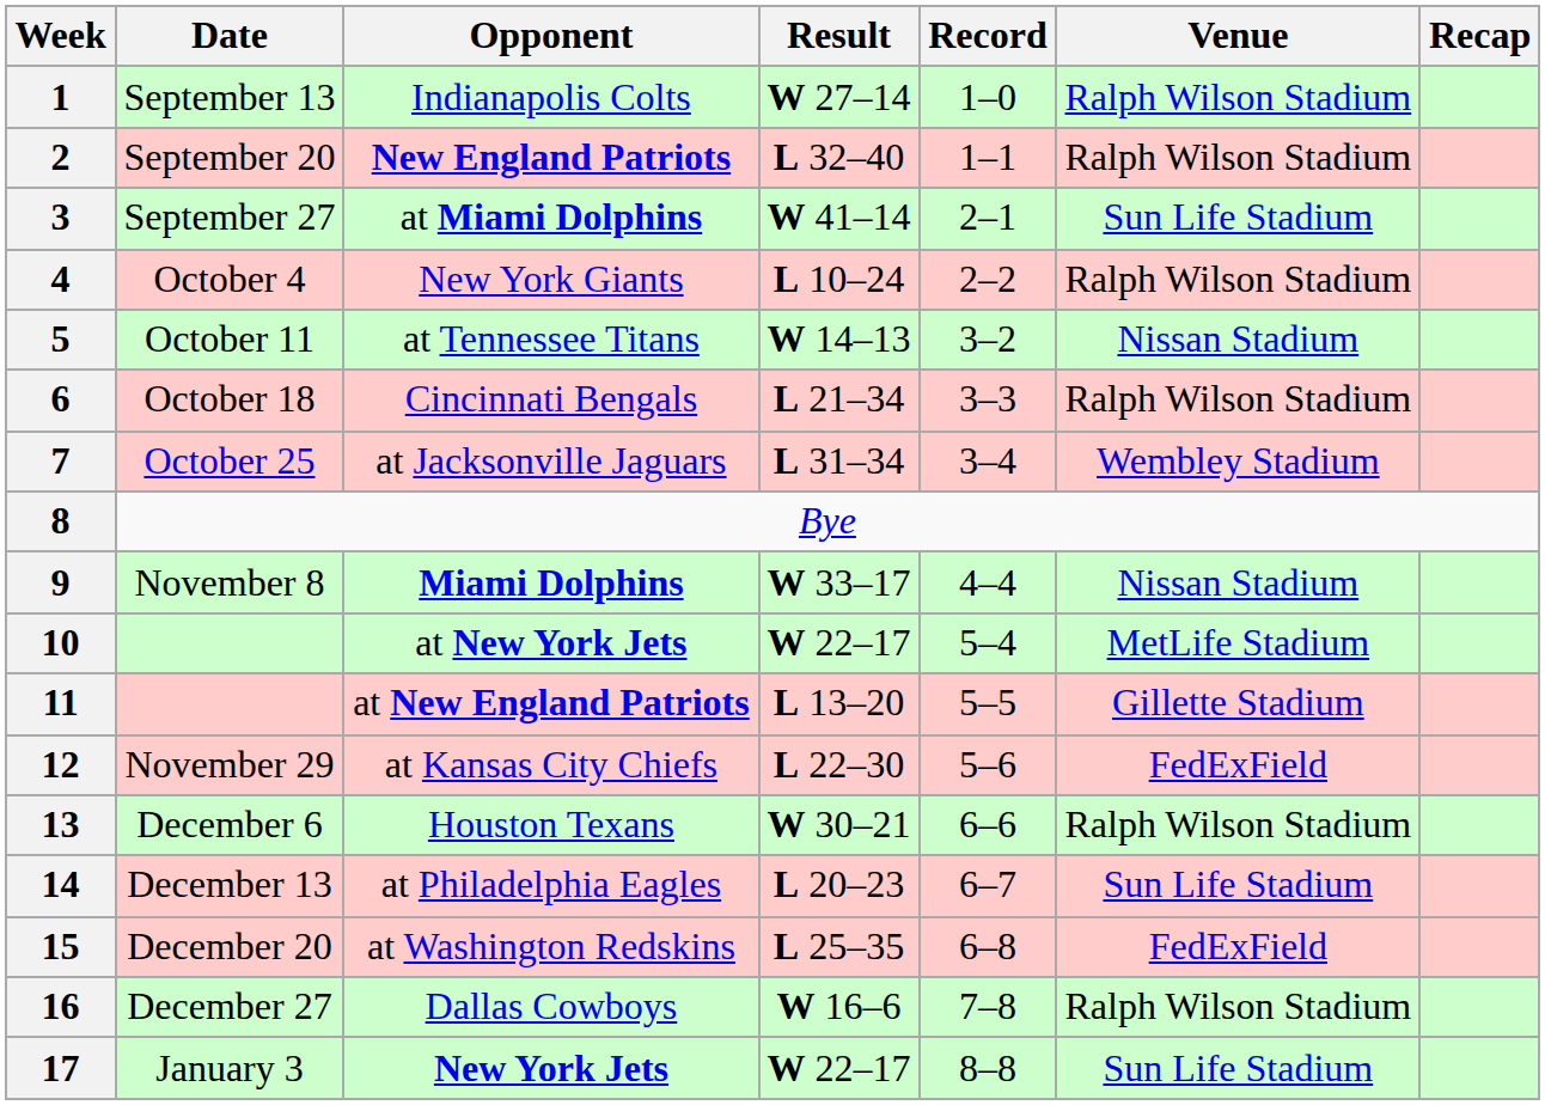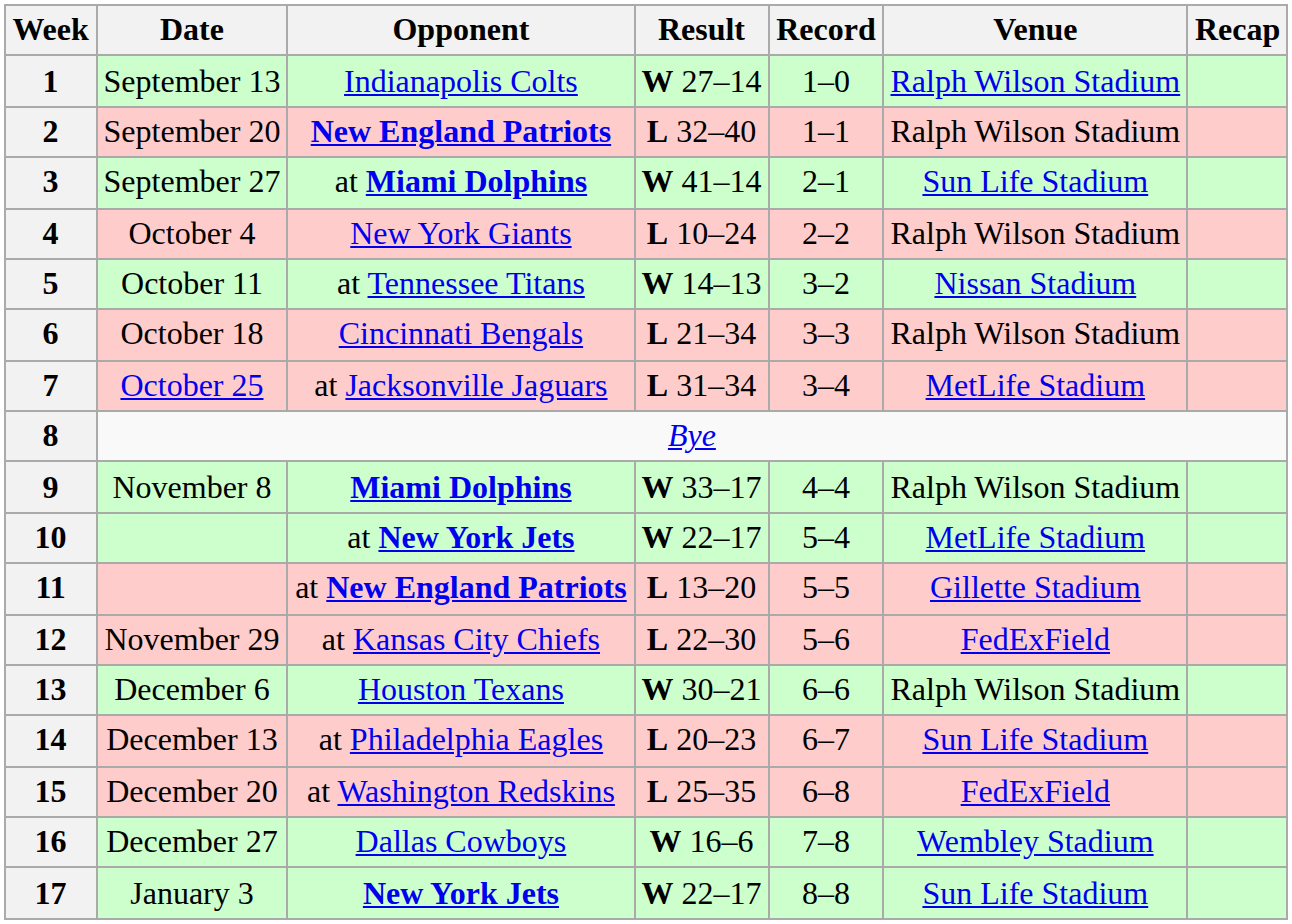 <table class="wikitable" style="text-align:center">
 <tr>
 <th>Week</th>
 <th>Date</th>
 <th>Opponent</th>
 <th>Result</th>
 <th>Record</th>
 <th>Venue</th>
 <th>Recap</th>
 </tr>
 <tr style="background:#cfc">
 <th>1</th>
 <td>September 13</td>
 <td><a href='#'>Indianapolis Colts</a></td>
 <td><strong>W</strong> 27–14</td>
 <td>1–0</td>
 <td><a href='#'>Ralph Wilson Stadium</a></td>
 <td></td>
 </tr>
 <tr style="background:#fcc">
 <th>2</th>
 <td>September 20</td>
 <td><strong><a href='#'>New England Patriots</a></strong></td>
 <td><strong>L</strong> 32–40</td>
 <td>1–1</td>
 <td>Ralph Wilson Stadium</td>
 <td></td>
 </tr>
 <tr style="background:#cfc">
 <th>3</th>
 <td>September 27</td>
 <td>at <strong><a href='#'>Miami Dolphins</a></strong></td>
 <td><strong>W</strong> 41–14</td>
 <td>2–1</td>
 <td><a href='#'>Sun Life Stadium</a></td>
 <td></td>
 </tr>
 <tr style="background:#fcc">
 <th>4</th>
 <td>October 4</td>
 <td><a href='#'>New York Giants</a></td>
 <td><strong>L</strong> 10–24</td>
 <td>2–2</td>
 <td>Ralph Wilson Stadium</td>
 <td></td>
 </tr>
 <tr style="background:#cfc">
 <th>5</th>
 <td>October 11</td>
 <td>at <a href='#'>Tennessee Titans</a></td>
 <td><strong>W</strong> 14–13</td>
 <td>3–2</td>
 <td><a href='#'>Nissan Stadium</a></td>
 <td></td>
 </tr>
 <tr style="background:#fcc">
 <th>6</th>
 <td>October 18</td>
 <td><a href='#'>Cincinnati Bengals</a></td>
 <td><strong>L</strong> 21–34</td>
 <td>3–3</td>
 <td>Ralph Wilson Stadium</td>
 <td></td>
 </tr>
 <tr style="background:#fcc">
 <th>7</th>
 <td><a href='#'>October 25</a></td>
 <td>at <a href='#'>Jacksonville Jaguars</a></td>
 <td><strong>L</strong> 31–34</td>
 <td>3–4</td>
-<td> <a href='#'>Wembley Stadium</a> </td>
+<td><a href='#'>MetLife Stadium</a></td>
 <td></td>
 </tr>
 <tr>
 <th>8</th>
 <td colspan="6"><em><a href='#'>Bye</a></em></td>
 </tr>
 <tr style="background:#cfc">
 <th>9</th>
 <td>November 8</td>
 <td><strong><a href='#'>Miami Dolphins</a></strong></td>
 <td><strong>W</strong> 33–17</td>
 <td>4–4</td>
-<td><a href='#'>Nissan Stadium</a></td>
+<td>Ralph Wilson Stadium</td>
 <td></td>
 </tr>
 <tr style="background:#cfc">
 <th>10</th>
 <td></td>
 <td>at <strong><a href='#'>New York Jets</a></strong></td>
 <td><strong>W</strong> 22–17</td>
 <td>5–4</td>
 <td><a href='#'>MetLife Stadium</a></td>
 <td></td>
 </tr>
 <tr style="background:#fcc">
 <th>11</th>
 <td></td>
 <td>at <strong><a href='#'>New England Patriots</a></strong></td>
 <td><strong>L</strong> 13–20</td>
 <td>5–5</td>
 <td><a href='#'>Gillette Stadium</a></td>
 <td></td>
 </tr>
 <tr style="background:#fcc">
 <th>12</th>
 <td>November 29</td>
 <td>at <a href='#'>Kansas City Chiefs</a></td>
 <td><strong>L</strong> 22–30</td>
 <td>5–6</td>
 <td><a href='#'>FedExField</a></td>
 <td></td>
 </tr>
 <tr style="background:#cfc">
 <th>13</th>
 <td>December 6</td>
 <td><a href='#'>Houston Texans</a></td>
 <td><strong>W</strong> 30–21</td>
 <td>6–6</td>
 <td>Ralph Wilson Stadium</td>
 <td></td>
 </tr>
 <tr style="background:#fcc">
 <th>14</th>
 <td>December 13</td>
 <td>at <a href='#'>Philadelphia Eagles</a></td>
 <td><strong>L</strong> 20–23</td>
 <td>6–7</td>
 <td><a href='#'>Sun Life Stadium</a></td>
 <td></td>
 </tr>
 <tr style="background:#fcc">
 <th>15</th>
 <td>December 20</td>
 <td>at <a href='#'>Washington Redskins</a></td>
 <td><strong>L</strong> 25–35</td>
 <td>6–8</td>
 <td><a href='#'>FedExField</a></td>
 <td></td>
 </tr>
 <tr style="background:#cfc">
 <th>16</th>
 <td>December 27</td>
 <td><a href='#'>Dallas Cowboys</a></td>
 <td><strong>W</strong> 16–6</td>
 <td>7–8</td>
-<td>Ralph Wilson Stadium</td>
+<td> <a href='#'>Wembley Stadium</a> </td>
 <td></td>
 </tr>
 <tr style="background:#cfc">
 <th>17</th>
 <td>January 3</td>
 <td><strong><a href='#'>New York Jets</a></strong></td>
 <td><strong>W</strong> 22–17</td>
 <td>8–8</td>
 <td><a href='#'>Sun Life Stadium</a></td>
 <td></td>
 </tr>
 </table>
